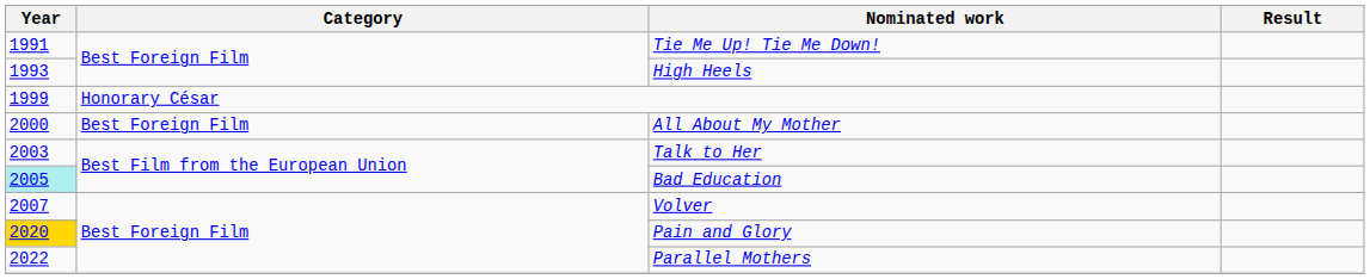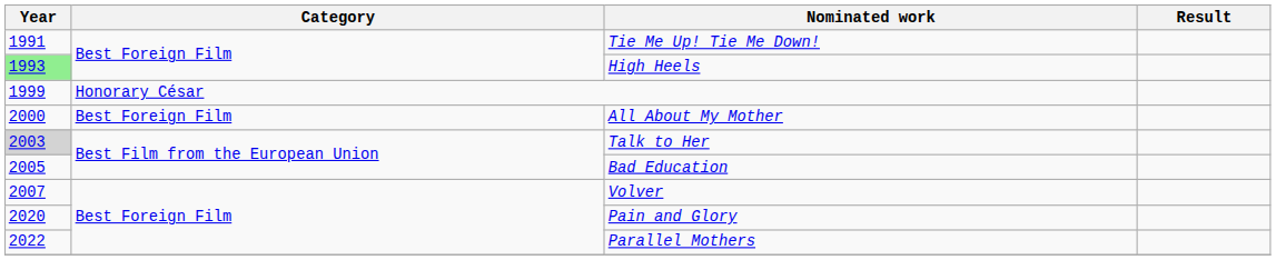 <table class="wikitable" style="width:85%;">
 <tr>
 <th width=5%>Year</th>
 <th style="width:40%;">Category</th>
 <th style="width:40%;">Nominated work</th>
 <th style="width:10%;">Result</th>
 </tr>
 <tr>
 <td><a href='#'>1991</a></td>
 <td rowspan=2><a href='#'>Best Foreign Film</a></td>
 <td><em><a href='#'>Tie Me Up! Tie Me Down!</a></em></td>
 <td></td>
 </tr>
 <tr>
-<td><a href='#'>1993</a></td>
+<td style="background: lightgreen;"><a href='#'>1993</a></td>
 <td><em><a href='#'>High Heels</a></em></td>
 <td></td>
 </tr>
 <tr>
 <td><a href='#'>1999</a></td>
 <td colspan="2"><a href='#'>Honorary César</a></td>
 <td></td>
 </tr>
 <tr>
 <td><a href='#'>2000</a></td>
 <td><a href='#'>Best Foreign Film</a></td>
 <td><em><a href='#'>All About My Mother</a></em></td>
 <td></td>
 </tr>
 <tr>
-<td><a href='#'>2003</a></td>
+<td style="background: lightgrey;"><a href='#'>2003</a></td>
 <td rowspan=2><a href='#'>Best Film from the European Union</a></td>
 <td><em><a href='#'>Talk to Her</a></em></td>
 <td></td>
 </tr>
 <tr>
-<td style="background: paleturquoise;"><a href='#'>2005</a></td>
+<td><a href='#'>2005</a></td>
 <td><em><a href='#'>Bad Education</a></em></td>
 <td></td>
 </tr>
 <tr>
 <td><a href='#'>2007</a></td>
 <td rowspan=3><a href='#'>Best Foreign Film</a></td>
 <td><em><a href='#'>Volver</a></em></td>
 <td></td>
 </tr>
 <tr>
-<td style="background: gold;"><a href='#'>2020</a></td>
+<td><a href='#'>2020</a></td>
 <td><em><a href='#'>Pain and Glory</a></em></td>
 <td></td>
 </tr>
 <tr>
 <td><a href='#'>2022</a></td>
 <td><em><a href='#'>Parallel Mothers</a></em></td>
 <td></td>
 </tr>
 <tr>
 </tr>
 </table>
